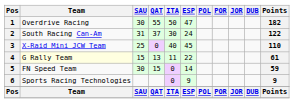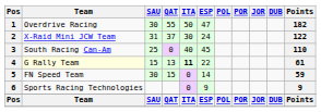 <table class="wikitable" style="font-size: 85%; text-align: center; display: inline-table;">
 <tr valign="top">
 <th valign="middle">Pos</th>
 <th valign="middle">Team</th>
 <th><a href='#'>SAU</a><br></th>
 <th><a href='#'>QAT</a><br></th>
 <th><a href='#'>ITA</a><br></th>
 <th><a href='#'>ESP</a><br></th>
 <th><a href='#'>POL</a><br></th>
 <th><a href='#'>POR</a><br></th>
 <th><a href='#'>JOR</a><br></th>
 <th><a href='#'>DUB</a><br></th>
 <th valign="middle">Points</th>
 </tr>
 <tr>
 <th>1</th>
 <td align=left>Overdrive Racing</td>
 <td style="background:#dfffdf;">30</td>
 <td style="background:#dfffdf;">55</td>
 <td style="background:#dfffdf;">50</td>
 <td style="background:#dfffdf;">47</td>
 <td></td>
 <td></td>
 <td></td>
 <td></td>
 <th>182</th>
 </tr>
 <tr>
 <th>2</th>
-<td align=left>South Racing <a href='#'>Can-Am</a></td>
+<td align=left><a href='#'>X-Raid Mini JCW Team</a></td>
 <td style="background:#dfffdf;">31</td>
 <td style="background:#dfffdf;">37</td>
 <td style="background:#dfffdf;">30</td>
 <td style="background:#dfffdf;">24</td>
 <td></td>
 <td></td>
 <td></td>
 <td></td>
 <th>122</th>
 </tr>
 <tr>
 <th>3</th>
-<td align=left><a href='#'>X-Raid Mini JCW Team</a></td>
+<td align=left>South Racing <a href='#'>Can-Am</a></td>
 <td style="background:#dfffdf;">25</td>
 <td style="background:#efcfff;">0</td>
 <td style="background:#dfffdf;">40</td>
 <td style="background:#dfffdf;">45</td>
 <td></td>
 <td></td>
 <td></td>
 <td></td>
 <th>110</th>
 </tr>
 <tr>
 <th>4</th>
 <td align=left style="background: lightyellow;">G Rally Team</td>
 <td style="background:#dfffdf;">15</td>
 <td style="background:#dfffdf;">13</td>
-<td style="background:#dfffdf;">11</td>
+<td style="background:#dfffdf;"><strong>11</strong></td>
 <td style="background:#dfffdf;">22</td>
 <td></td>
 <td></td>
 <td></td>
 <td></td>
 <th>61</th>
 </tr>
 <tr>
 <th>5</th>
 <td align=left>FN Speed Team</td>
 <td style="background:#dfffdf;">30</td>
 <td style="background:#dfffdf;">15</td>
 <td style="background:#efcfff;">0</td>
 <td style="background:#dfffdf;">14</td>
 <td></td>
 <td></td>
 <td></td>
 <td></td>
 <th>59</th>
 </tr>
 <tr>
 <th>6</th>
 <td align=left>Sports Racing Technologies</td>
 <td></td>
 <td></td>
 <td style="background:#efcfff;">0</td>
 <td style="background:#dfffdf;">9</td>
 <td></td>
 <td></td>
 <td></td>
 <td></td>
 <th>9</th>
 </tr>
 <tr>
 </tr>
 <tr valign="top">
 <th valign="middle">Pos</th>
 <th valign="middle">Team</th>
 <th><a href='#'>SAU</a><br></th>
 <th><a href='#'>QAT</a><br></th>
 <th><a href='#'>ITA</a><br></th>
 <th><a href='#'>ESP</a><br></th>
 <th><a href='#'>POL</a><br></th>
 <th><a href='#'>POR</a><br></th>
 <th><a href='#'>JOR</a><br></th>
 <th><a href='#'>DUB</a><br></th>
 <th valign="middle">Points</th>
 </tr>
 <tr>
 </tr>
 </table>
